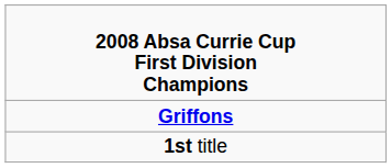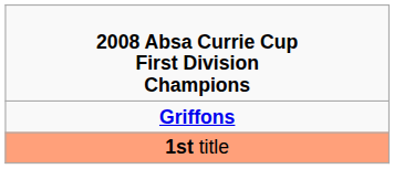 <table class="wikitable" style="text-align: center; margin: 0 auto; width: 20%">
 <tr>
 <td><br><strong>2008 Absa Currie Cup</strong> <br><strong>First Division</strong> <br><strong>Champions</strong></td>
 </tr>
 <tr>
 <td><strong><a href='#'>Griffons</a></strong></td>
 </tr>
 <tr>
-<td><strong>1st</strong> title</td>
+<td style="background: lightsalmon;"><strong>1st</strong> title</td>
 </tr>
 </table>
